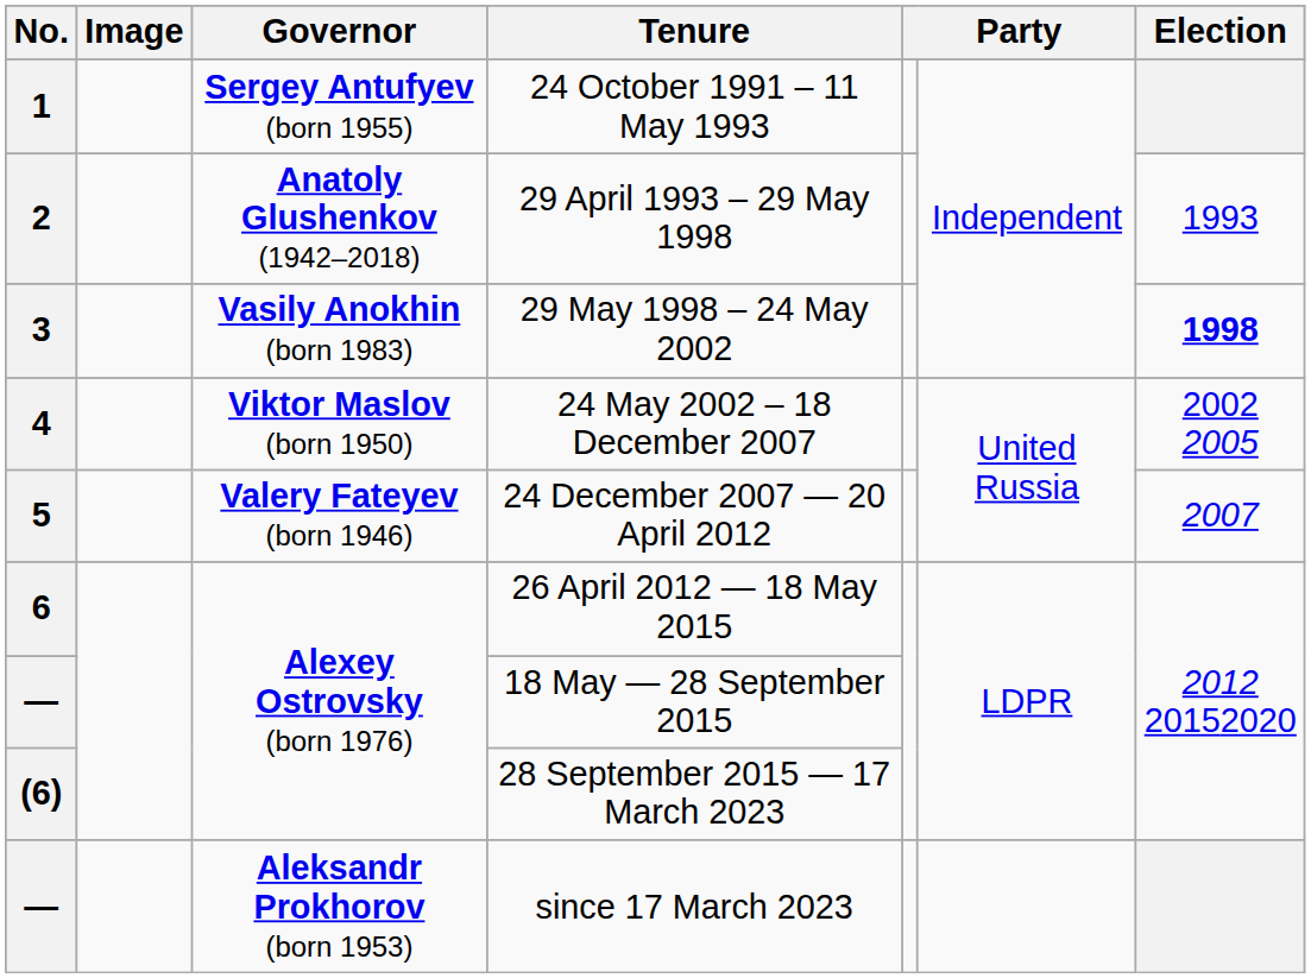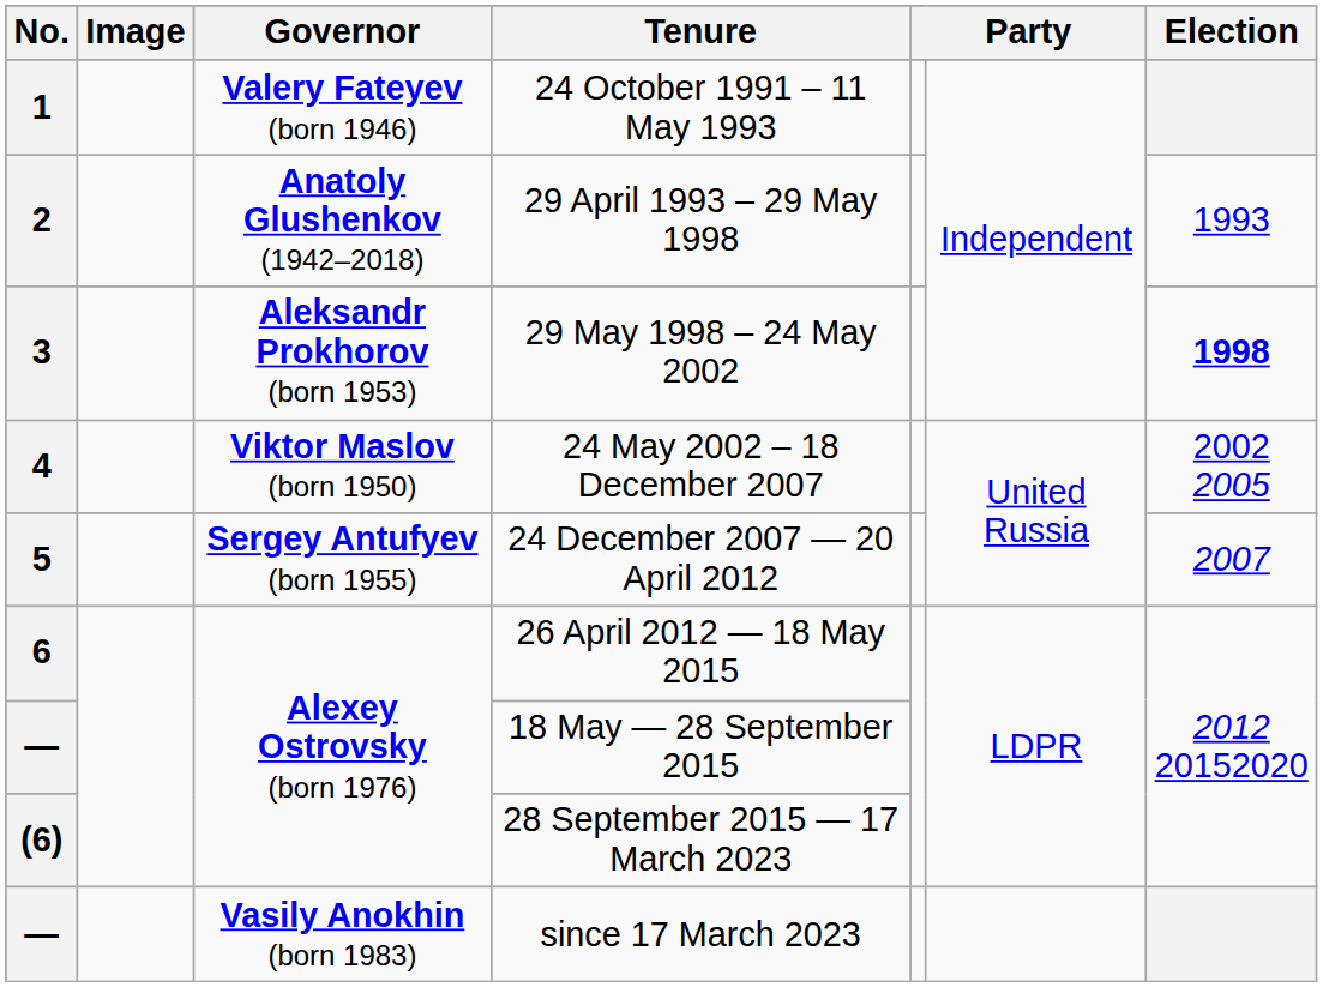 <table class="wikitable" style="text-align:center">
 <tr style="background:#cccccc" bgcolor=#E6E6AA>
 <th>No.</th>
 <th>Image</th>
 <th>Governor</th>
 <th>Tenure</th>
 <th colspan=2>Party</th>
 <th>Election</th>
 </tr>
 <tr>
 <th>1</th>
 <td></td>
-<td><strong><a href='#'>Sergey Antufyev</a></strong><br><small>(born 1955)</small></td>
+<td><strong><a href='#'>Valery Fateyev</a></strong><br><small>(born 1946)</small></td>
 <td>24 October 1991 – 11 May 1993</td>
 <td style="background: "></td>
 <td rowspan=3><a href='#'>Independent</a></td>
 <th></th>
 </tr>
 <tr>
 <th>2</th>
 <td></td>
 <td><strong><a href='#'>Anatoly Glushenkov</a></strong><br><small>(1942–2018)</small></td>
 <td>29 April 1993 – 29 May 1998</td>
 <td style="background: "></td>
 <td><a href='#'>1993</a></td>
 </tr>
 <tr>
 <th>3</th>
 <td></td>
-<td><strong><a href='#'>Vasily Anokhin</a></strong><br><small>(born 1983)</small></td>
+<td><strong><a href='#'>Aleksandr Prokhorov</a></strong><br><small>(born 1953)</small></td>
 <td>29 May 1998 – 24 May 2002</td>
 <td style="background: "></td>
 <td><strong><a href='#'>1998</a></strong></td>
 </tr>
 <tr>
 <th>4</th>
 <td></td>
 <td><strong><a href='#'>Viktor Maslov</a></strong><br><small>(born 1950)</small></td>
 <td>24 May 2002 – 18 December 2007</td>
 <td style="background: "></td>
 <td rowspan=2><a href='#'>United Russia</a></td>
 <td><a href='#'>2002</a><br><em><a href='#'>2005</a></em></td>
 </tr>
 <tr>
 <th>5</th>
 <td></td>
-<td><strong><a href='#'>Valery Fateyev</a></strong><br><small>(born 1946)</small></td>
+<td><strong><a href='#'>Sergey Antufyev</a></strong><br><small>(born 1955)</small></td>
 <td>24 December 2007 — 20 April 2012</td>
 <td style="background: "></td>
 <td><em><a href='#'>2007</a></em></td>
 </tr>
 <tr>
 <th>6</th>
 <td rowspan=3></td>
 <td rowspan=3><strong><a href='#'>Alexey Ostrovsky</a></strong><br><small>(born 1976)</small></td>
 <td>26 April 2012 — 18 May 2015</td>
 <td rowspan=3; style="background: "></td>
 <td rowspan=3><a href='#'>LDPR</a></td>
 <td rowspan=3><em><a href='#'>2012</a></em><br><a href='#'>2015</a><a href='#'>2020</a></td>
 </tr>
 <tr>
 <th>—</th>
 <td>18 May — 28 September 2015</td>
 </tr>
 <tr>
 <th>(6)</th>
 <td>28 September 2015 — 17 March 2023</td>
 </tr>
 <tr>
 <th>—</th>
 <td></td>
-<td><strong><a href='#'>Aleksandr Prokhorov</a></strong><br><small>(born 1953)</small></td>
+<td><strong><a href='#'>Vasily Anokhin</a></strong><br><small>(born 1983)</small></td>
 <td>since 17 March 2023</td>
 <td></td>
 <td></td>
 <th></th>
 </tr>
 </table>
